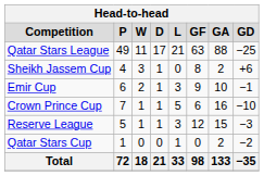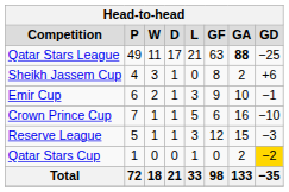 <table class="wikitable sortable" style="text-align:center">
 <tr>
 <th colspan=10>Head-to-head</th>
 </tr>
 <tr>
 <th style="background:#DCDCDC">Competition</th>
 <th style="background:#DCDCDC">P</th>
 <th style="background:#DCDCDC">W</th>
 <th style="background:#DCDCDC">D</th>
 <th style="background:#DCDCDC">L</th>
 <th style="background:#DCDCDC">GF</th>
 <th style="background:#DCDCDC">GA</th>
 <th style="background:#DCDCDC">GD</th>
 </tr>
 <tr>
 <td align=left><a href='#'>Qatar Stars League</a></td>
 <td>49</td>
 <td>11</td>
 <td>17</td>
 <td>21</td>
 <td>63</td>
-<td>88</td>
+<td><strong>88</strong></td>
 <td>−25</td>
 </tr>
 <tr>
 <td align=left><a href='#'>Sheikh Jassem Cup</a></td>
 <td>4</td>
 <td>3</td>
 <td>1</td>
 <td>0</td>
 <td>8</td>
 <td>2</td>
 <td>+6</td>
 </tr>
 <tr>
 <td align=left><a href='#'>Emir Cup</a></td>
 <td>6</td>
 <td>2</td>
 <td>1</td>
 <td>3</td>
 <td>9</td>
 <td>10</td>
 <td>−1</td>
 </tr>
 <tr>
 <td align=left><a href='#'>Crown Prince Cup</a></td>
 <td>7</td>
 <td>1</td>
 <td>1</td>
 <td>5</td>
 <td>6</td>
 <td>16</td>
 <td>−10</td>
 </tr>
 <tr>
 <td align=left><a href='#'>Reserve League</a></td>
 <td>5</td>
 <td>1</td>
 <td>1</td>
 <td>3</td>
 <td>12</td>
 <td>15</td>
 <td>−3</td>
 </tr>
 <tr>
 <td align=left><a href='#'>Qatar Stars Cup</a></td>
 <td>1</td>
 <td>0</td>
 <td>0</td>
 <td>1</td>
 <td>0</td>
 <td>2</td>
-<td>−2</td>
+<td style="background: gold;">−2</td>
 </tr>
 <tr>
 <th colspan="1">Total</th>
 <th>72</th>
 <th>18</th>
 <th>21</th>
 <th>33</th>
 <th>98</th>
 <th>133</th>
 <th>−35</th>
 </tr>
 <tr>
 </tr>
 </table>
